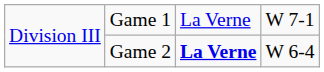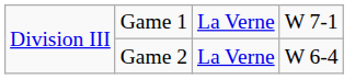 <table class="wikitable">
 <tr>
 <td rowspan="3"><a href='#'>Division III</a></td>
 <td>Game 1</td>
 <td><a href='#'>La Verne</a></td>
 <td>W 7-1</td>
 </tr>
 <tr>
 <td>Game 2</td>
-<td><strong><a href='#'>La Verne</a></strong></td>
+<td><a href='#'>La Verne</a></td>
 <td>W 6-4</td>
 </tr>
 </table>
